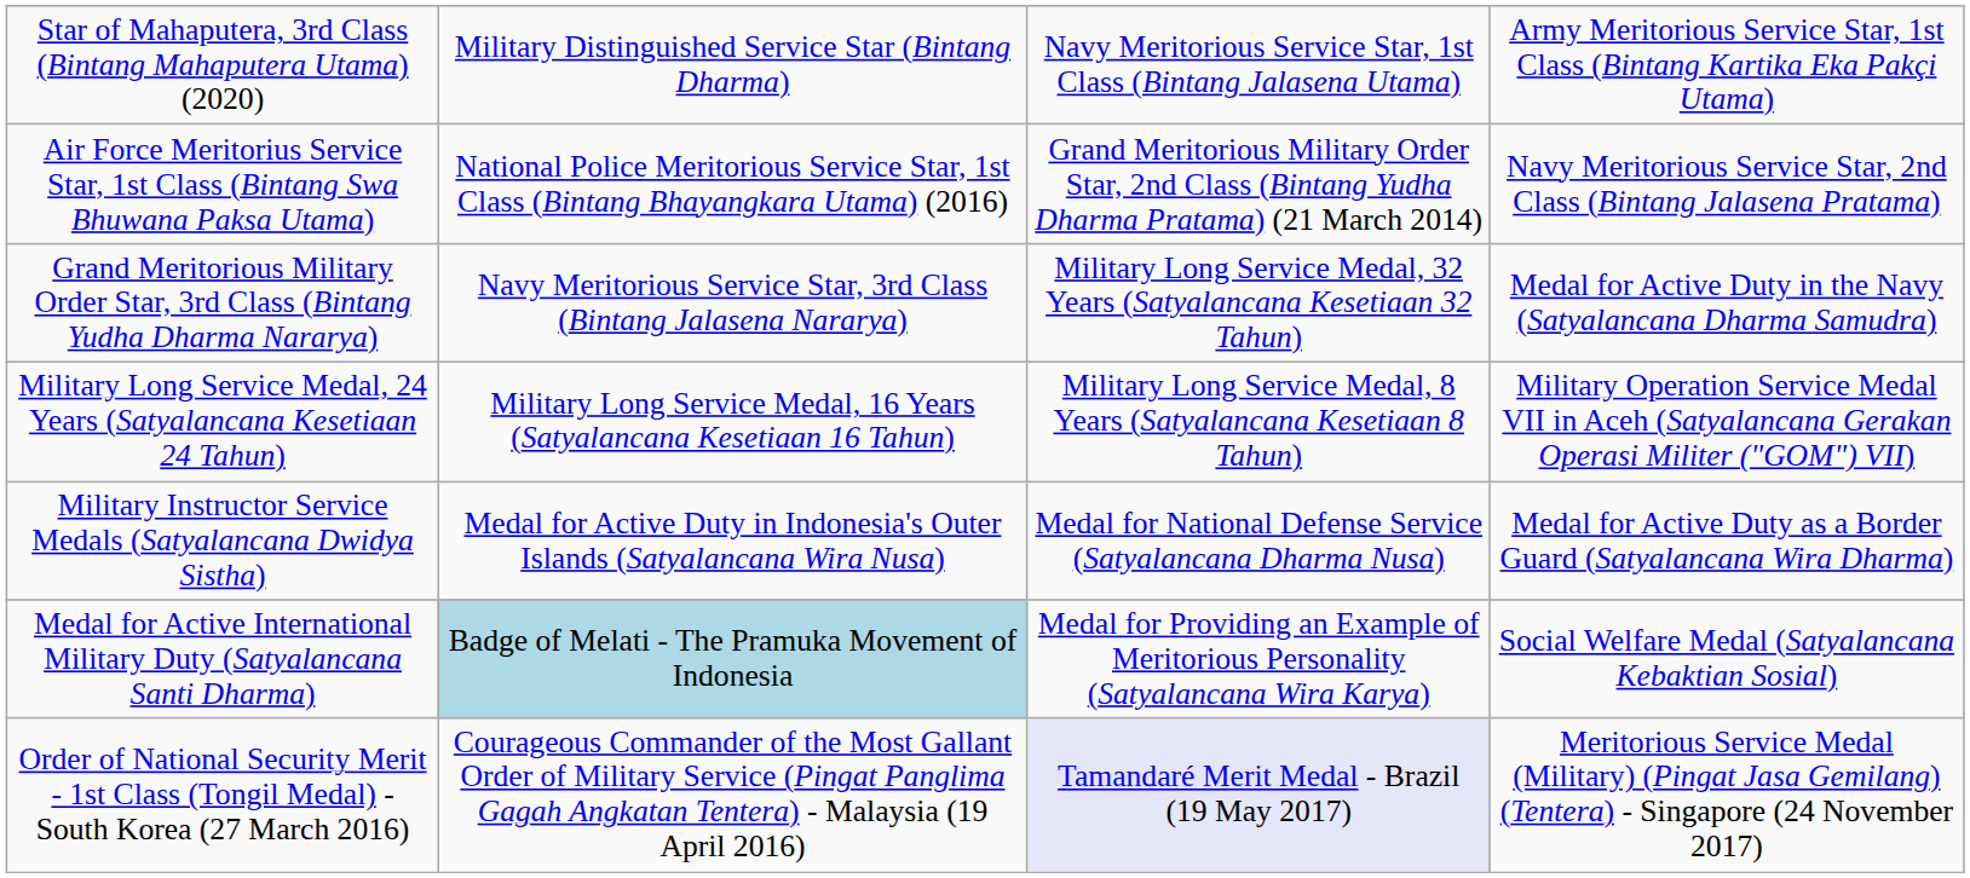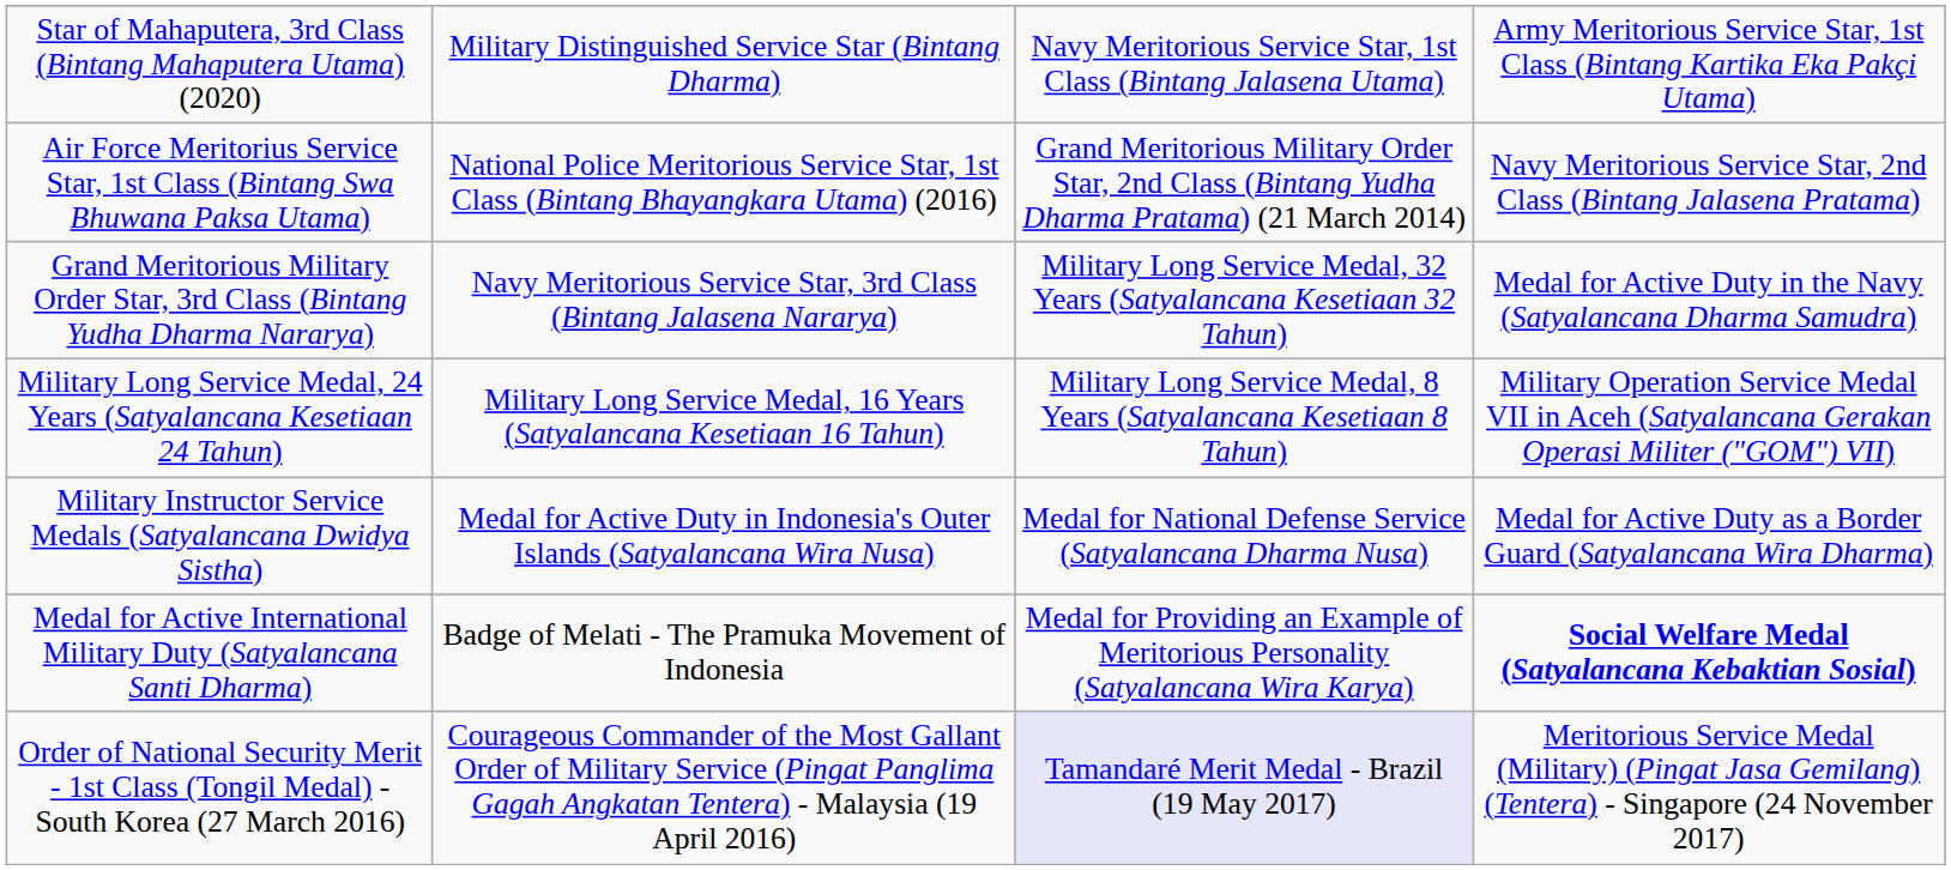 <table class="wikitable" width="80%" style="margin:1em auto; text-align:center;">
 <tr>
 <td colspan="1"><a href='#'>Star of Mahaputera, 3rd Class (<em>Bintang Mahaputera Utama</em>)</a> (2020)</td>
 <td colspan="1"><a href='#'>Military Distinguished Service Star (<em>Bintang Dharma</em>)</a></td>
 <td colspan="1"><a href='#'>Navy Meritorious Service Star, 1st Class (<em>Bintang Jalasena Utama</em>)</a></td>
 <td colspan="1"><a href='#'>Army Meritorious Service Star, 1st Class (<em>Bintang Kartika Eka Pakçi Utama</em>)</a></td>
 </tr>
 <tr>
 <td colspan="1"><a href='#'>Air Force Meritorius Service Star, 1st Class (<em>Bintang Swa Bhuwana Paksa Utama</em>)</a></td>
 <td colspan="1"><a href='#'>National Police Meritorious Service Star, 1st Class (<em>Bintang Bhayangkara Utama</em>)</a> (2016)</td>
 <td colspan="1"><a href='#'>Grand Meritorious Military Order Star, 2nd Class (<em>Bintang Yudha Dharma Pratama</em>)</a> (21 March 2014)</td>
 <td colspan="1"><a href='#'>Navy Meritorious Service Star, 2nd Class (<em>Bintang Jalasena Pratama</em>)</a></td>
 </tr>
 <tr>
 <td colspan="1"><a href='#'>Grand Meritorious Military Order Star, 3rd Class (<em>Bintang Yudha Dharma Nararya</em>)</a></td>
 <td colspan="1"><a href='#'>Navy Meritorious Service Star, 3rd Class (<em>Bintang Jalasena Nararya</em>)</a></td>
 <td colspan="1"><a href='#'>Military Long Service Medal, 32 Years (<em>Satyalancana Kesetiaan 32 Tahun</em>)</a></td>
 <td colspan="1"><a href='#'>Medal for Active Duty in the Navy (<em>Satyalancana Dharma Samudra</em>)</a></td>
 </tr>
 <tr>
 <td colspan="1"><a href='#'>Military Long Service Medal, 24 Years (<em>Satyalancana Kesetiaan 24 Tahun</em>)</a></td>
 <td colspan="1"><a href='#'>Military Long Service Medal, 16 Years (<em>Satyalancana Kesetiaan 16 Tahun</em>)</a></td>
 <td colspan="1"><a href='#'>Military Long Service Medal, 8 Years (<em>Satyalancana Kesetiaan 8 Tahun</em>)</a></td>
 <td colspan="1"><a href='#'>Military Operation Service Medal VII in Aceh (<em>Satyalancana Gerakan Operasi Militer ("GOM") VII</em>)</a></td>
 </tr>
 <tr>
 <td colspan="1"><a href='#'>Military Instructor Service Medals (<em>Satyalancana Dwidya Sistha</em>)</a></td>
 <td colspan="1"><a href='#'>Medal for Active Duty in Indonesia's Outer Islands (<em>Satyalancana Wira Nusa</em>)</a></td>
 <td colspan="1"><a href='#'>Medal for National Defense Service (<em>Satyalancana Dharma Nusa</em>)</a></td>
 <td colspan="1"><a href='#'>Medal for Active Duty as a Border Guard (<em>Satyalancana Wira Dharma</em>)</a></td>
 </tr>
 <tr>
 <td colspan="1"><a href='#'>Medal for Active International Military Duty (<em>Satyalancana Santi Dharma</em>)</a></td>
-<td colspan="1" style="background: lightblue;">Badge of Melati - The Pramuka Movement of Indonesia</td>
+<td colspan="1">Badge of Melati - The Pramuka Movement of Indonesia</td>
 <td colspan="1"><a href='#'>Medal for Providing an Example of Meritorious Personality (<em>Satyalancana Wira Karya</em>)</a></td>
-<td colspan="1"><a href='#'>Social Welfare Medal (<em>Satyalancana Kebaktian Sosial</em>)</a></td>
+<td colspan="1"><strong><a href='#'>Social Welfare Medal (<em>Satyalancana Kebaktian Sosial</em>)</a></strong></td>
 </tr>
 <tr>
 <td colspan="1"><a href='#'>Order of National Security Merit - 1st Class (Tongil Medal)</a> - South Korea (27 March 2016)</td>
 <td colspan="1"><a href='#'>Courageous Commander of the Most Gallant Order of Military Service (<em>Pingat Panglima Gagah Angkatan Tentera</em>)</a> - Malaysia (19 April 2016)</td>
 <td colspan="1" style="background: lavender;"><a href='#'>Tamandaré Merit Medal</a> - Brazil (19 May 2017)</td>
 <td colspan="1"><a href='#'>Meritorious Service Medal (Military) (<em>Pingat Jasa Gemilang</em>) (<em>Tentera</em>)</a> - Singapore (24 November 2017)</td>
 </tr>
 </table>
